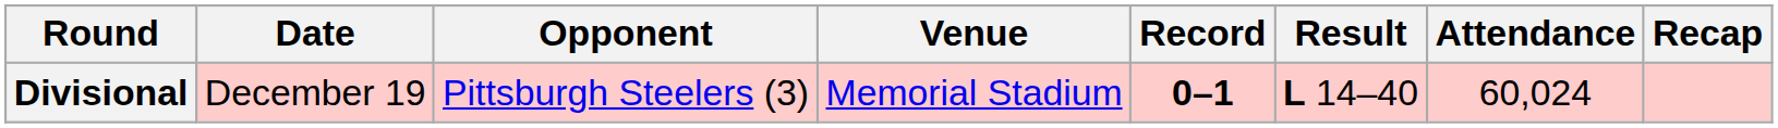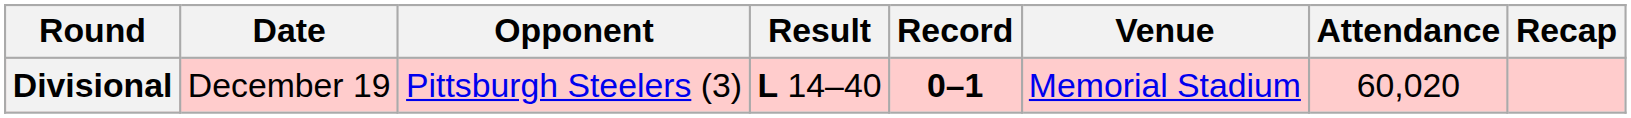 <table class="wikitable" style="text-align:center">
 <tr>
 <th>Round</th>
 <th>Date</th>
 <th>Opponent</th>
+<th>Result</th>
+<th>Record</th>
 <th>Venue</th>
-<th>Record</th>
-<th>Result</th>
 <th>Attendance</th>
 <th>Recap</th>
 </tr>
 <tr style="background:#fcc">
 <th>Divisional</th>
 <td>December 19</td>
 <td><a href='#'>Pittsburgh Steelers</a> (3)</td>
+<td><strong>L</strong> 14–40</td>
+<td><strong>0–1</strong></td>
 <td><a href='#'>Memorial Stadium</a></td>
-<td><strong>0–1</strong></td>
-<td><strong>L</strong> 14–40</td>
-<td>60,024</td>
+<td>60,020</td>
 <td></td>
 </tr>
 </table>
